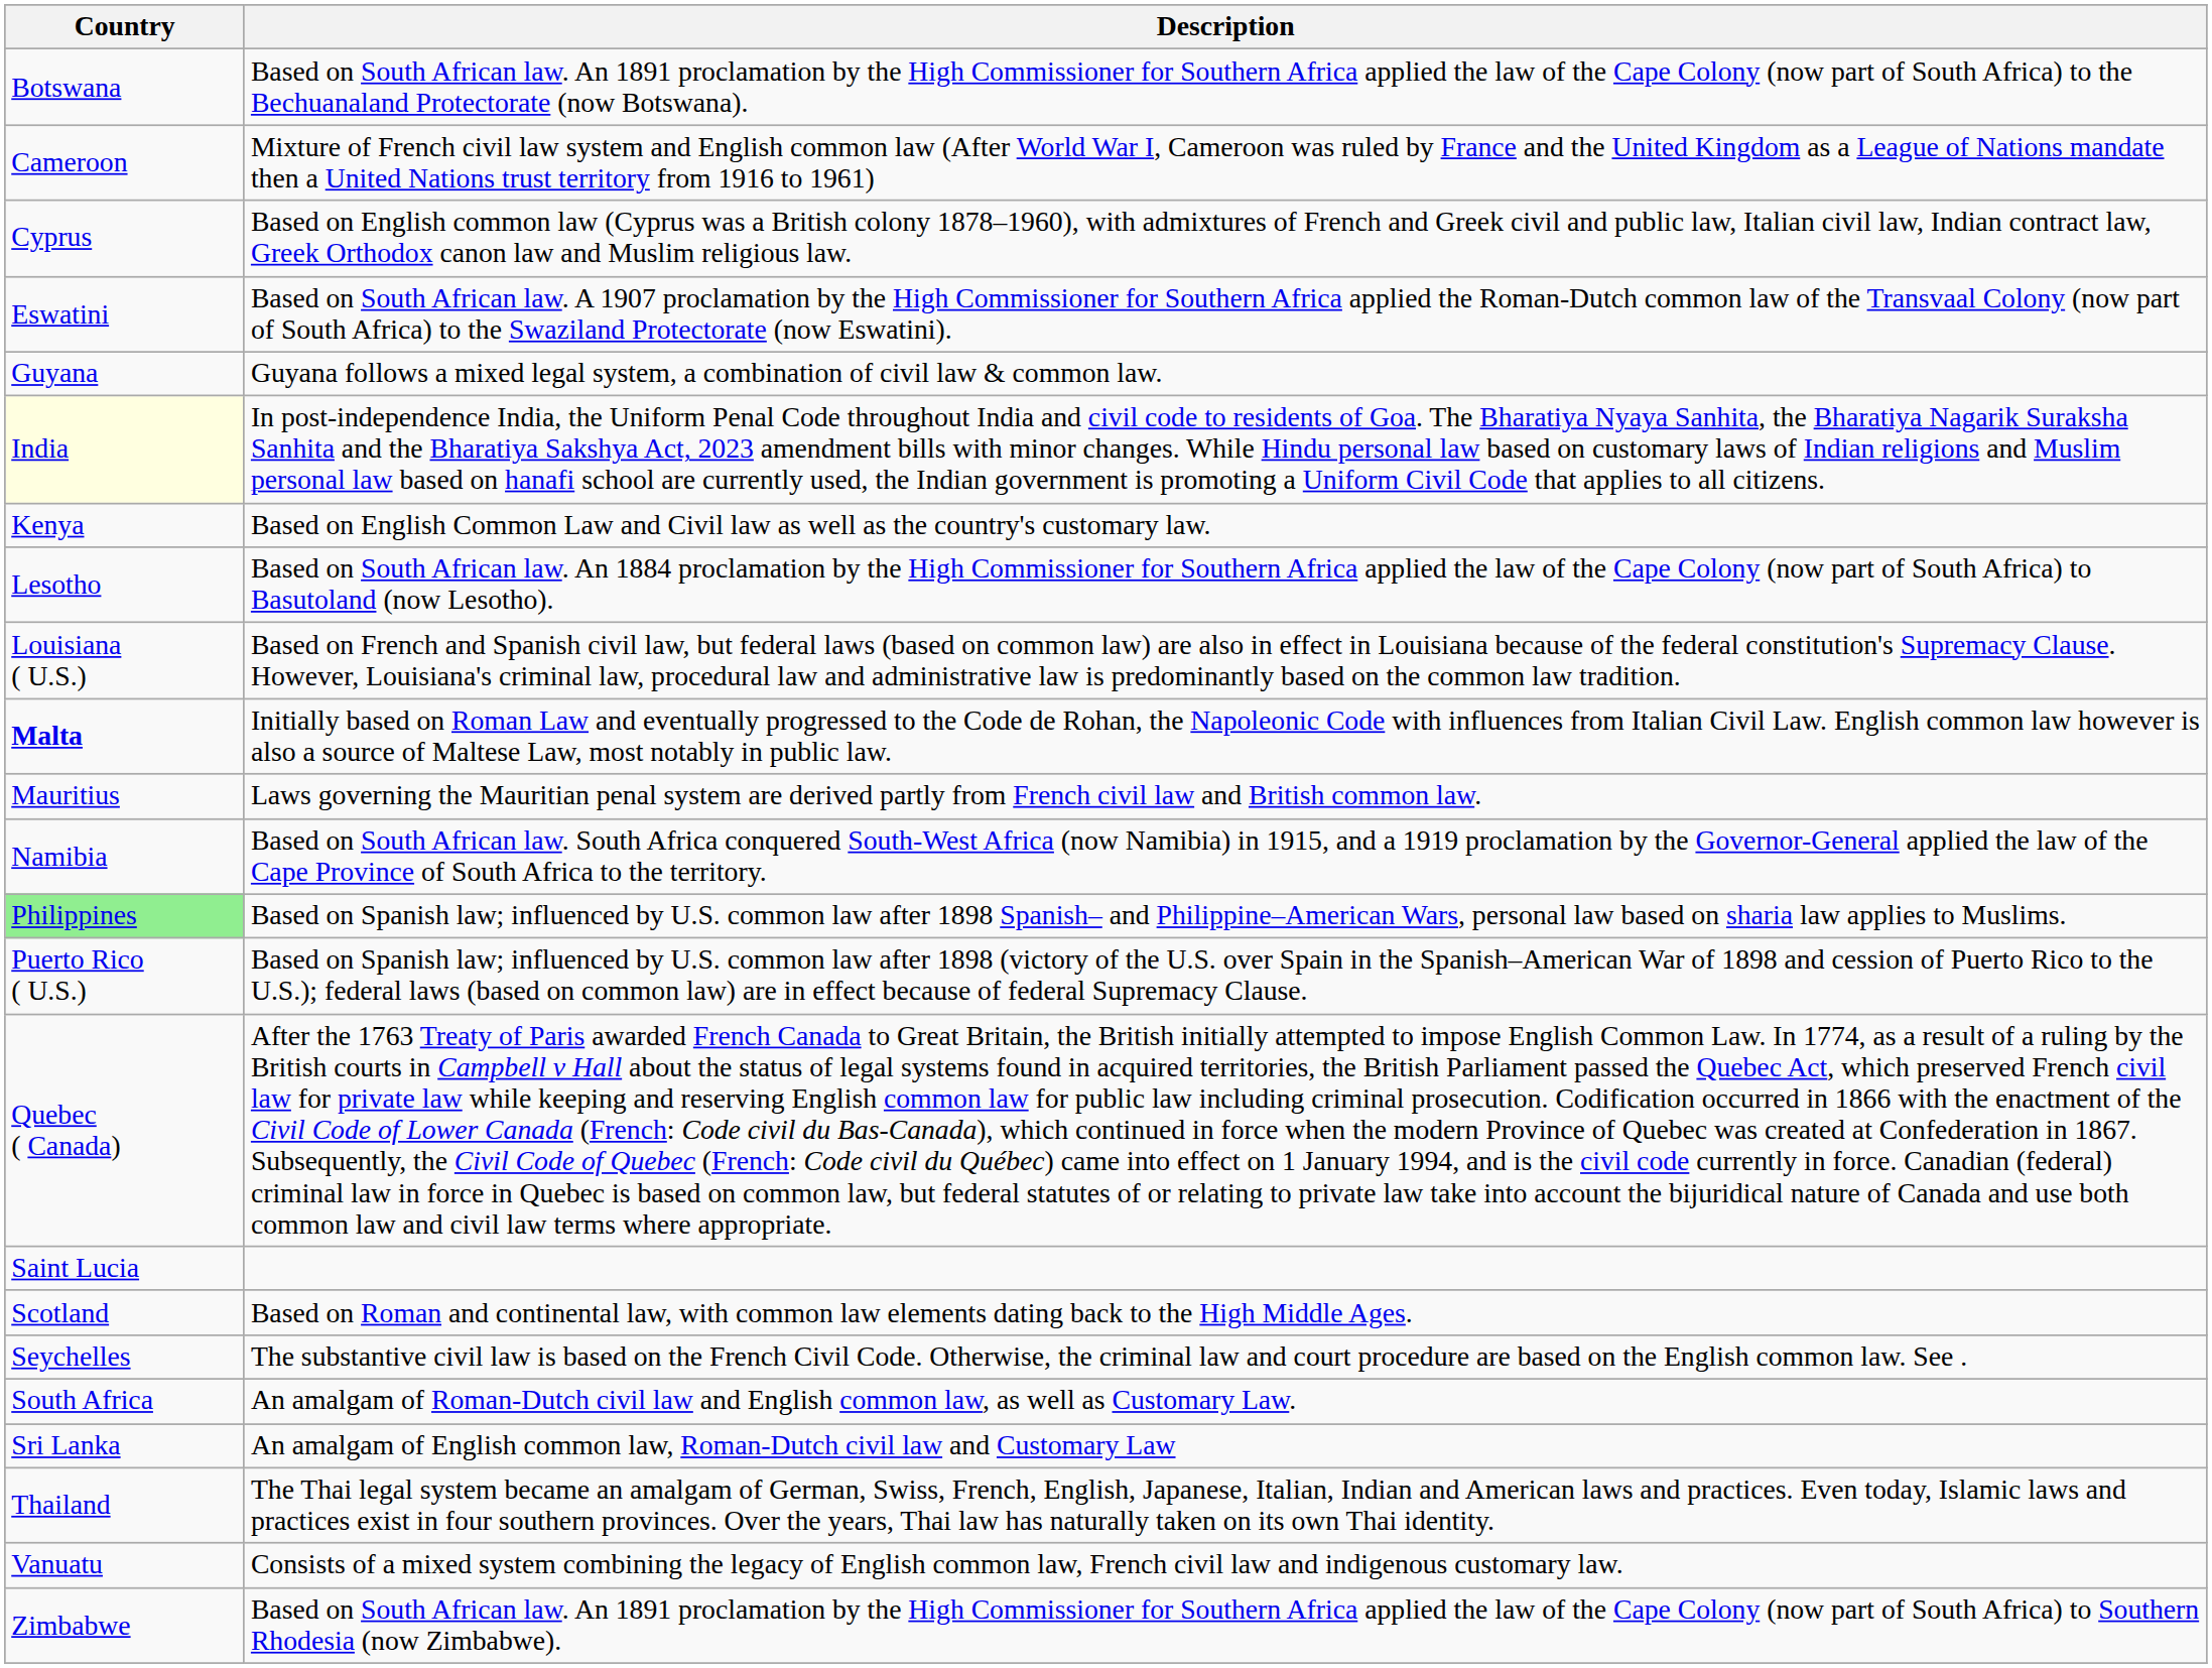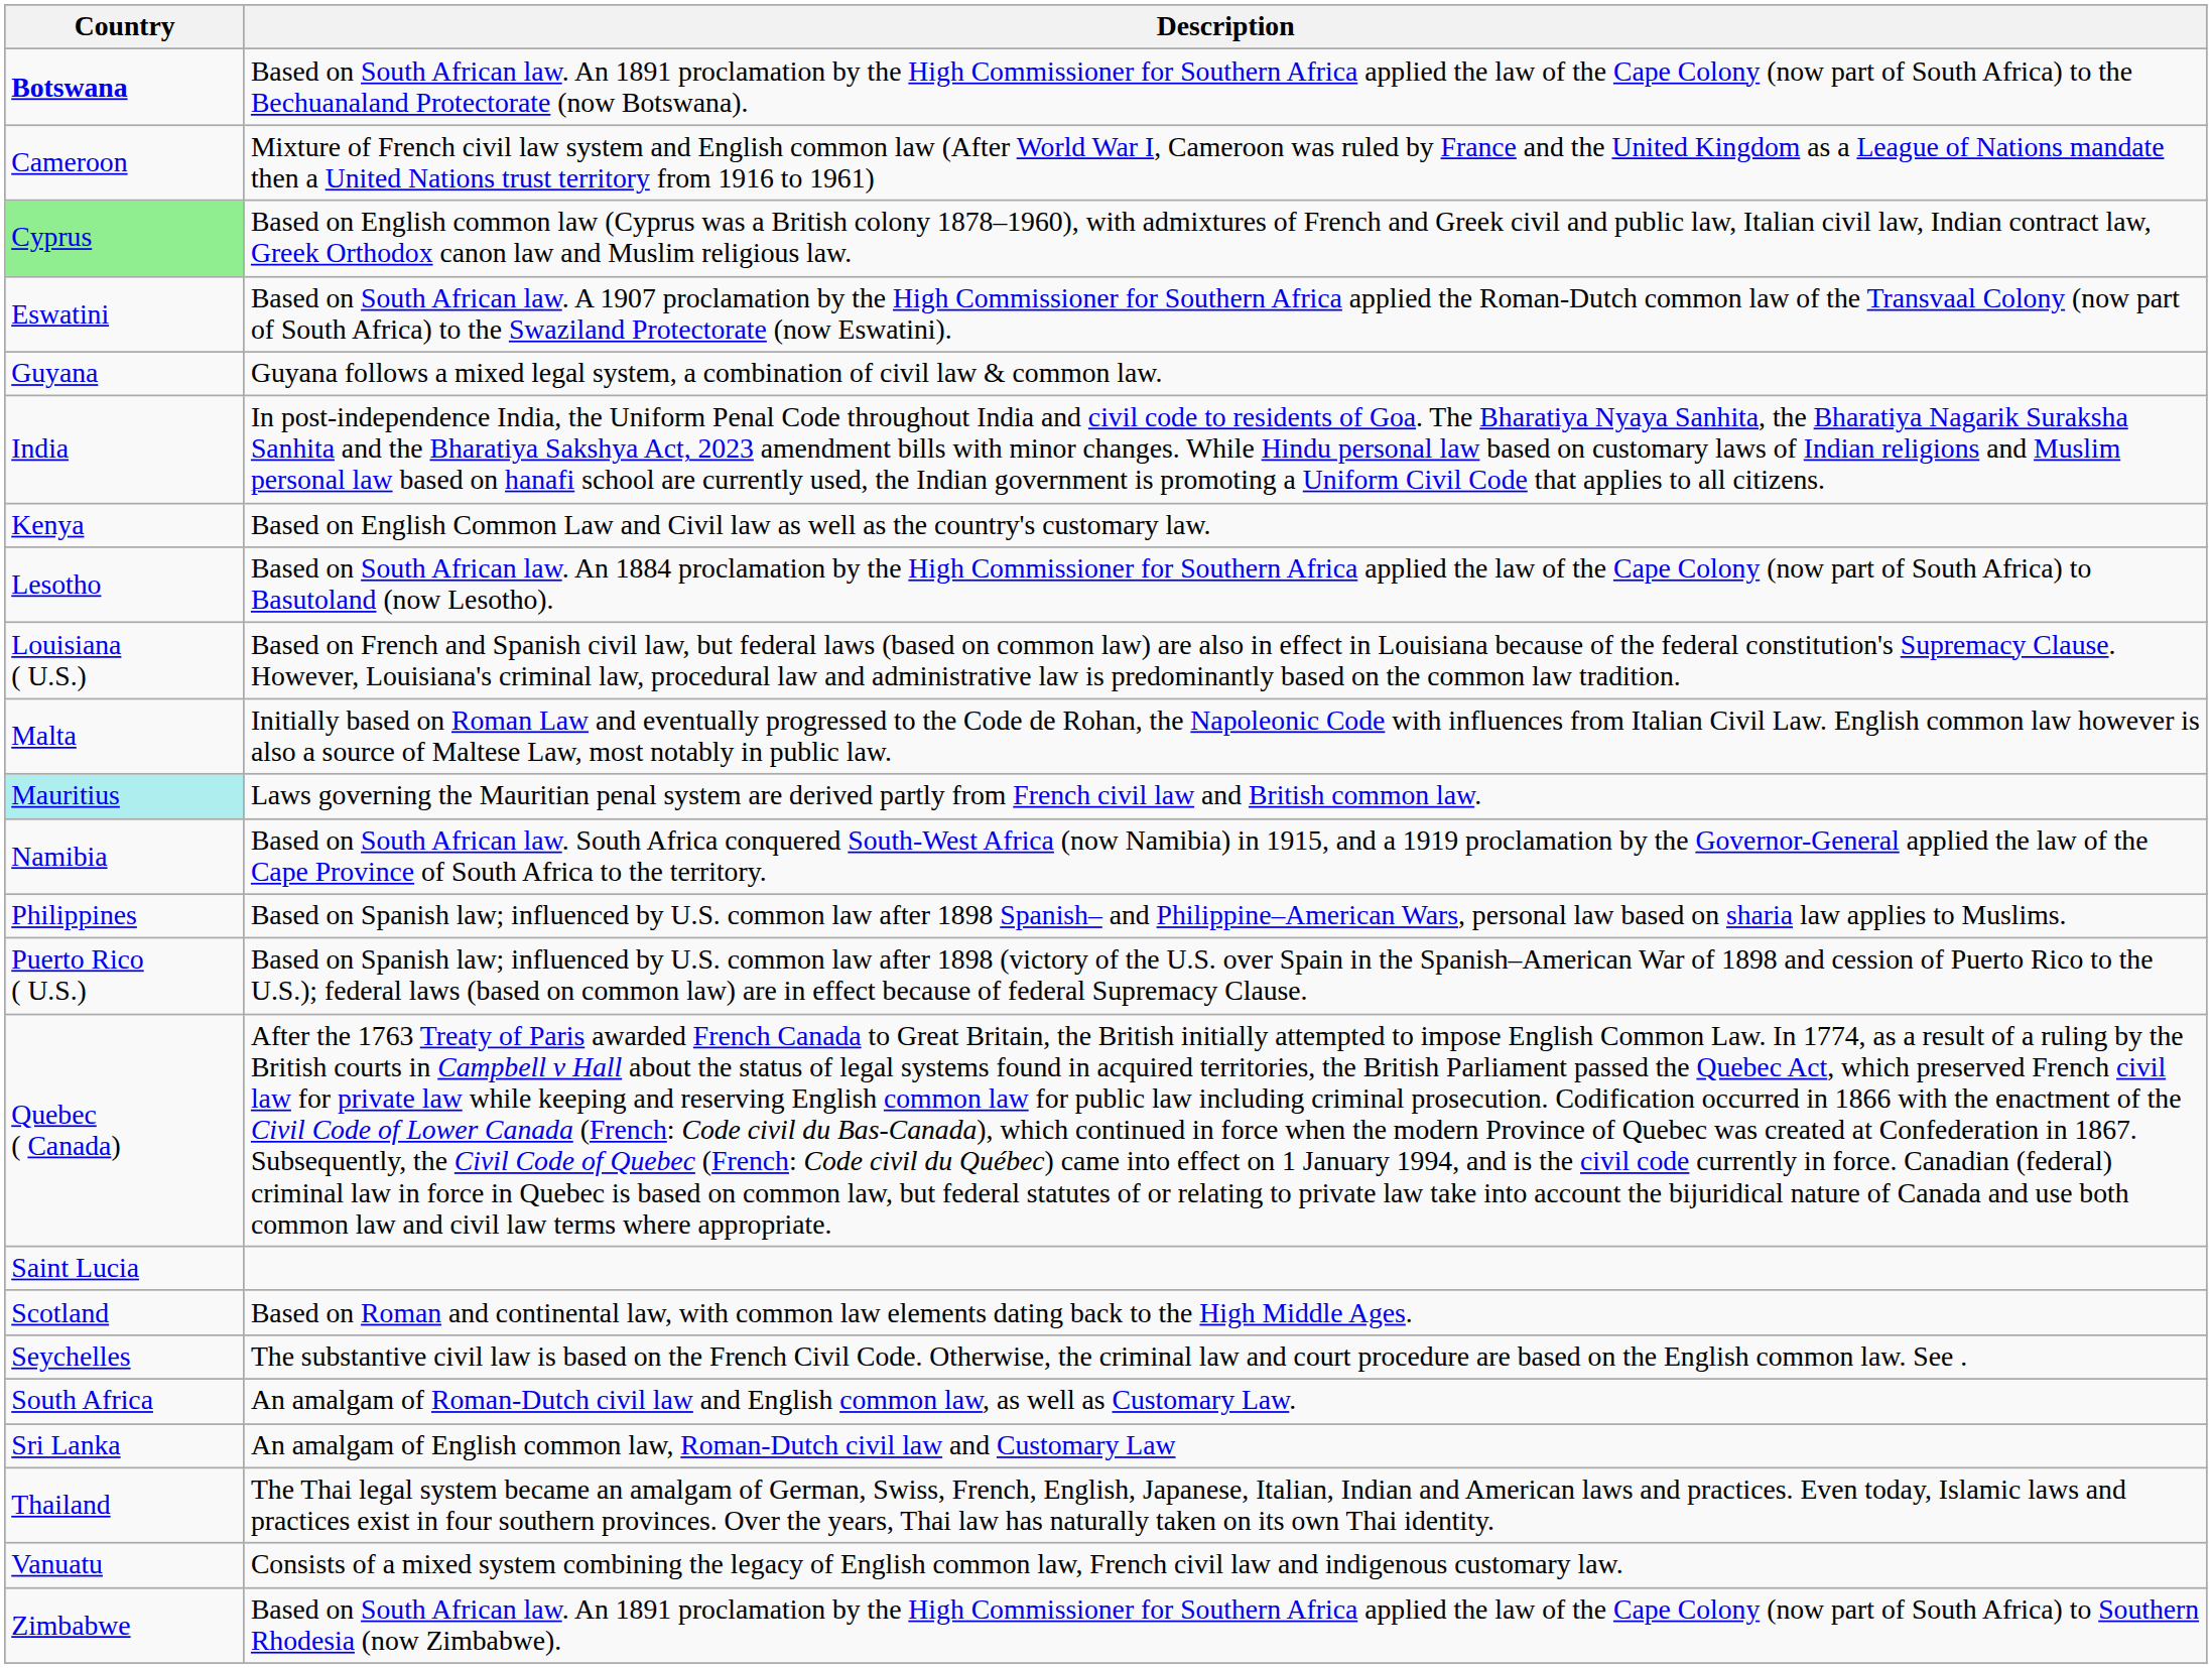 <table style="width:100%;" class="wikitable">
 <tr>
 <th style="width:130px;">Country</th>
 <th>Description</th>
 </tr>
 <tr>
-<td> <a href='#'>Botswana</a></td>
+<td><strong> <a href='#'>Botswana</a></strong></td>
 <td>Based on <a href='#'>South African law</a>. An 1891 proclamation by the <a href='#'>High Commissioner for Southern Africa</a> applied the law of the <a href='#'>Cape Colony</a> (now part of South Africa) to the <a href='#'>Bechuanaland Protectorate</a> (now Botswana).</td>
 </tr>
 <tr>
 <td> <a href='#'>Cameroon</a></td>
 <td>Mixture of French civil law system and English common law (After <a href='#'>World War I</a>, Cameroon was ruled by <a href='#'>France</a> and the <a href='#'>United Kingdom</a> as a <a href='#'>League of Nations mandate</a> then a <a href='#'>United Nations trust territory</a> from 1916 to 1961)</td>
 </tr>
 <tr>
-<td> <a href='#'>Cyprus</a></td>
+<td style="background: lightgreen;"> <a href='#'>Cyprus</a></td>
 <td>Based on English common law (Cyprus was a British colony 1878–1960), with admixtures of French and Greek civil and public law, Italian civil law, Indian contract law, <a href='#'>Greek Orthodox</a> canon law and Muslim religious law.</td>
 </tr>
 <tr>
 <td> <a href='#'>Eswatini</a></td>
 <td>Based on <a href='#'>South African law</a>. A 1907 proclamation by the <a href='#'>High Commissioner for Southern Africa</a> applied the Roman-Dutch common law of the <a href='#'>Transvaal Colony</a> (now part of South Africa) to the <a href='#'>Swaziland Protectorate</a> (now Eswatini).</td>
 </tr>
 <tr>
 <td> <a href='#'>Guyana</a></td>
 <td>Guyana follows a mixed legal system, a combination of civil law & common law.</td>
 </tr>
 <tr>
-<td style="background: lightyellow;"> <a href='#'>India</a></td>
+<td> <a href='#'>India</a></td>
 <td>In post-independence India, the Uniform Penal Code throughout India and <a href='#'>civil code to residents of Goa</a>. The <a href='#'>Bharatiya Nyaya Sanhita</a>, the <a href='#'>Bharatiya Nagarik Suraksha Sanhita</a> and the <a href='#'>Bharatiya Sakshya Act, 2023</a> amendment bills with minor changes. While <a href='#'>Hindu personal law</a> based on customary laws of <a href='#'>Indian religions</a> and <a href='#'>Muslim personal law</a> based on <a href='#'>hanafi</a> school are currently used, the Indian government is promoting a <a href='#'>Uniform Civil Code</a> that applies to all citizens.</td>
 </tr>
 <tr>
 <td> <a href='#'>Kenya</a></td>
 <td>Based on English Common Law and Civil law as well as the country's customary law.</td>
 </tr>
 <tr>
 <td> <a href='#'>Lesotho</a></td>
 <td>Based on <a href='#'>South African law</a>. An 1884 proclamation by the <a href='#'>High Commissioner for Southern Africa</a> applied the law of the <a href='#'>Cape Colony</a> (now part of South Africa) to <a href='#'>Basutoland</a> (now Lesotho).</td>
 </tr>
 <tr>
 <td> <a href='#'>Louisiana</a><br>( U.S.)</td>
 <td>Based on French and Spanish civil law, but federal laws (based on common law) are also in effect in Louisiana because of the federal constitution's <a href='#'>Supremacy Clause</a>. However, Louisiana's criminal law, procedural law and administrative law is predominantly based on the common law tradition.</td>
 </tr>
 <tr>
-<td><strong> <a href='#'>Malta</a></strong></td>
+<td> <a href='#'>Malta</a></td>
 <td>Initially based on <a href='#'>Roman Law</a> and eventually progressed to the Code de Rohan, the <a href='#'>Napoleonic Code</a> with influences from Italian Civil Law. English common law however is also a source of Maltese Law, most notably in public law.</td>
 </tr>
 <tr>
-<td> <a href='#'>Mauritius</a></td>
+<td style="background: paleturquoise;"> <a href='#'>Mauritius</a></td>
 <td>Laws governing the Mauritian penal system are derived partly from <a href='#'>French civil law</a> and <a href='#'>British common law</a>.</td>
 </tr>
 <tr>
 <td> <a href='#'>Namibia</a></td>
 <td>Based on <a href='#'>South African law</a>. South Africa conquered <a href='#'>South-West Africa</a> (now Namibia) in 1915, and a 1919 proclamation by the <a href='#'>Governor-General</a> applied the law of the <a href='#'>Cape Province</a> of South Africa to the territory.</td>
 </tr>
 <tr>
-<td style="background: lightgreen;"> <a href='#'>Philippines</a></td>
+<td> <a href='#'>Philippines</a></td>
 <td>Based on Spanish law; influenced by U.S. common law after 1898 <a href='#'>Spanish–</a> and <a href='#'>Philippine–American Wars</a>, personal law based on <a href='#'>sharia</a> law applies to Muslims.</td>
 </tr>
 <tr>
 <td> <a href='#'>Puerto Rico</a><br>( U.S.)</td>
 <td>Based on Spanish law; influenced by U.S. common law after 1898 (victory of the U.S. over Spain in the Spanish–American War of 1898 and cession of Puerto Rico to the U.S.); federal laws (based on common law) are in effect because of federal Supremacy Clause.</td>
 </tr>
 <tr>
 <td> <a href='#'>Quebec</a><br>( <a href='#'>Canada</a>)</td>
 <td>After the 1763 <a href='#'>Treaty of Paris</a> awarded <a href='#'>French Canada</a> to Great Britain, the British initially attempted to impose English Common Law. In 1774, as a result of a ruling by the British courts in <em><a href='#'>Campbell v Hall</a></em> about the status of legal systems found in acquired territories, the British Parliament passed the <a href='#'>Quebec Act</a>, which preserved French <a href='#'>civil law</a> for <a href='#'>private law</a> while keeping and reserving English <a href='#'>common law</a> for public law including criminal prosecution. Codification occurred in 1866 with the enactment of the <em><a href='#'>Civil Code of Lower Canada</a></em> (<a href='#'>French</a>: <em>Code civil du Bas-Canada</em>), which continued in force when the modern Province of Quebec was created at Confederation in 1867. Subsequently, the <em><a href='#'>Civil Code of Quebec</a></em> (<a href='#'>French</a>: <em>Code civil du Québec</em>) came into effect on 1 January 1994, and is the <a href='#'>civil code</a> currently in force. Canadian (federal) criminal law in force in Quebec is based on common law, but federal statutes of or relating to private law take into account the bijuridical nature of Canada and use both common law and civil law terms where appropriate.</td>
 </tr>
 <tr>
 <td> <a href='#'>Saint Lucia</a></td>
 <td></td>
 </tr>
 <tr>
 <td> <a href='#'>Scotland</a></td>
 <td>Based on <a href='#'>Roman</a> and continental law, with common law elements dating back to the <a href='#'>High Middle Ages</a>.</td>
 </tr>
 <tr>
 <td> <a href='#'>Seychelles</a></td>
 <td>The substantive civil law is based on the French Civil Code. Otherwise, the criminal law and court procedure are based on the English common law. See .</td>
 </tr>
 <tr>
 <td> <a href='#'>South Africa</a></td>
 <td>An amalgam of <a href='#'>Roman-Dutch civil law</a> and English <a href='#'>common law</a>, as well as <a href='#'>Customary Law</a>.</td>
 </tr>
 <tr>
 <td> <a href='#'>Sri Lanka</a></td>
 <td>An amalgam of English common law, <a href='#'>Roman-Dutch civil law</a> and <a href='#'>Customary Law</a></td>
 </tr>
 <tr>
 <td> <a href='#'>Thailand</a></td>
 <td>The Thai legal system became an amalgam of German, Swiss, French, English, Japanese, Italian, Indian and American laws and practices. Even today, Islamic laws and practices exist in four southern provinces. Over the years, Thai law has naturally taken on its own Thai identity.</td>
 </tr>
 <tr>
 <td> <a href='#'>Vanuatu</a></td>
 <td>Consists of a mixed system combining the legacy of English common law, French civil law and indigenous customary law.</td>
 </tr>
 <tr>
 <td> <a href='#'>Zimbabwe</a></td>
 <td>Based on <a href='#'>South African law</a>. An 1891 proclamation by the <a href='#'>High Commissioner for Southern Africa</a> applied the law of the <a href='#'>Cape Colony</a> (now part of South Africa) to <a href='#'>Southern Rhodesia</a> (now Zimbabwe).</td>
 </tr>
 </table>
